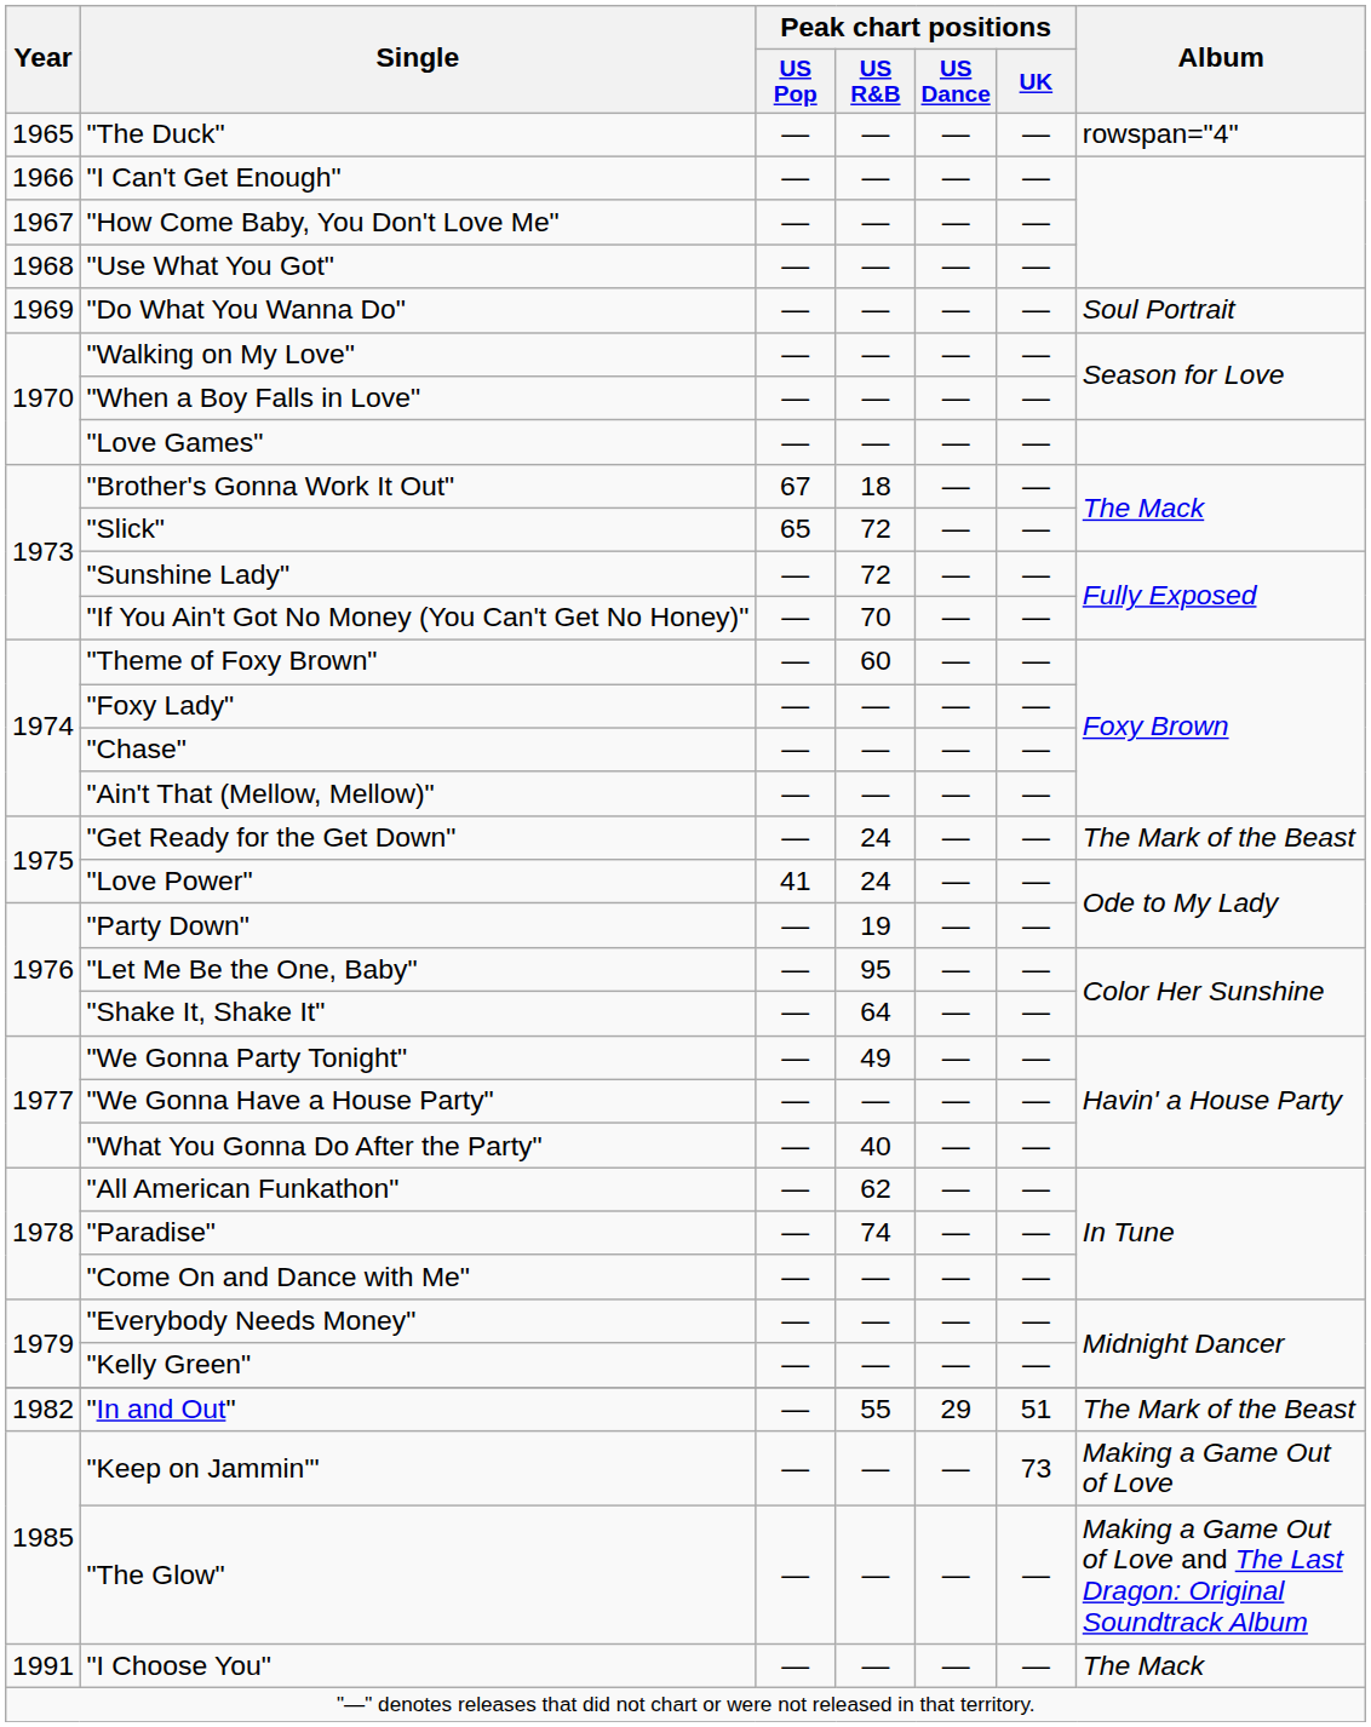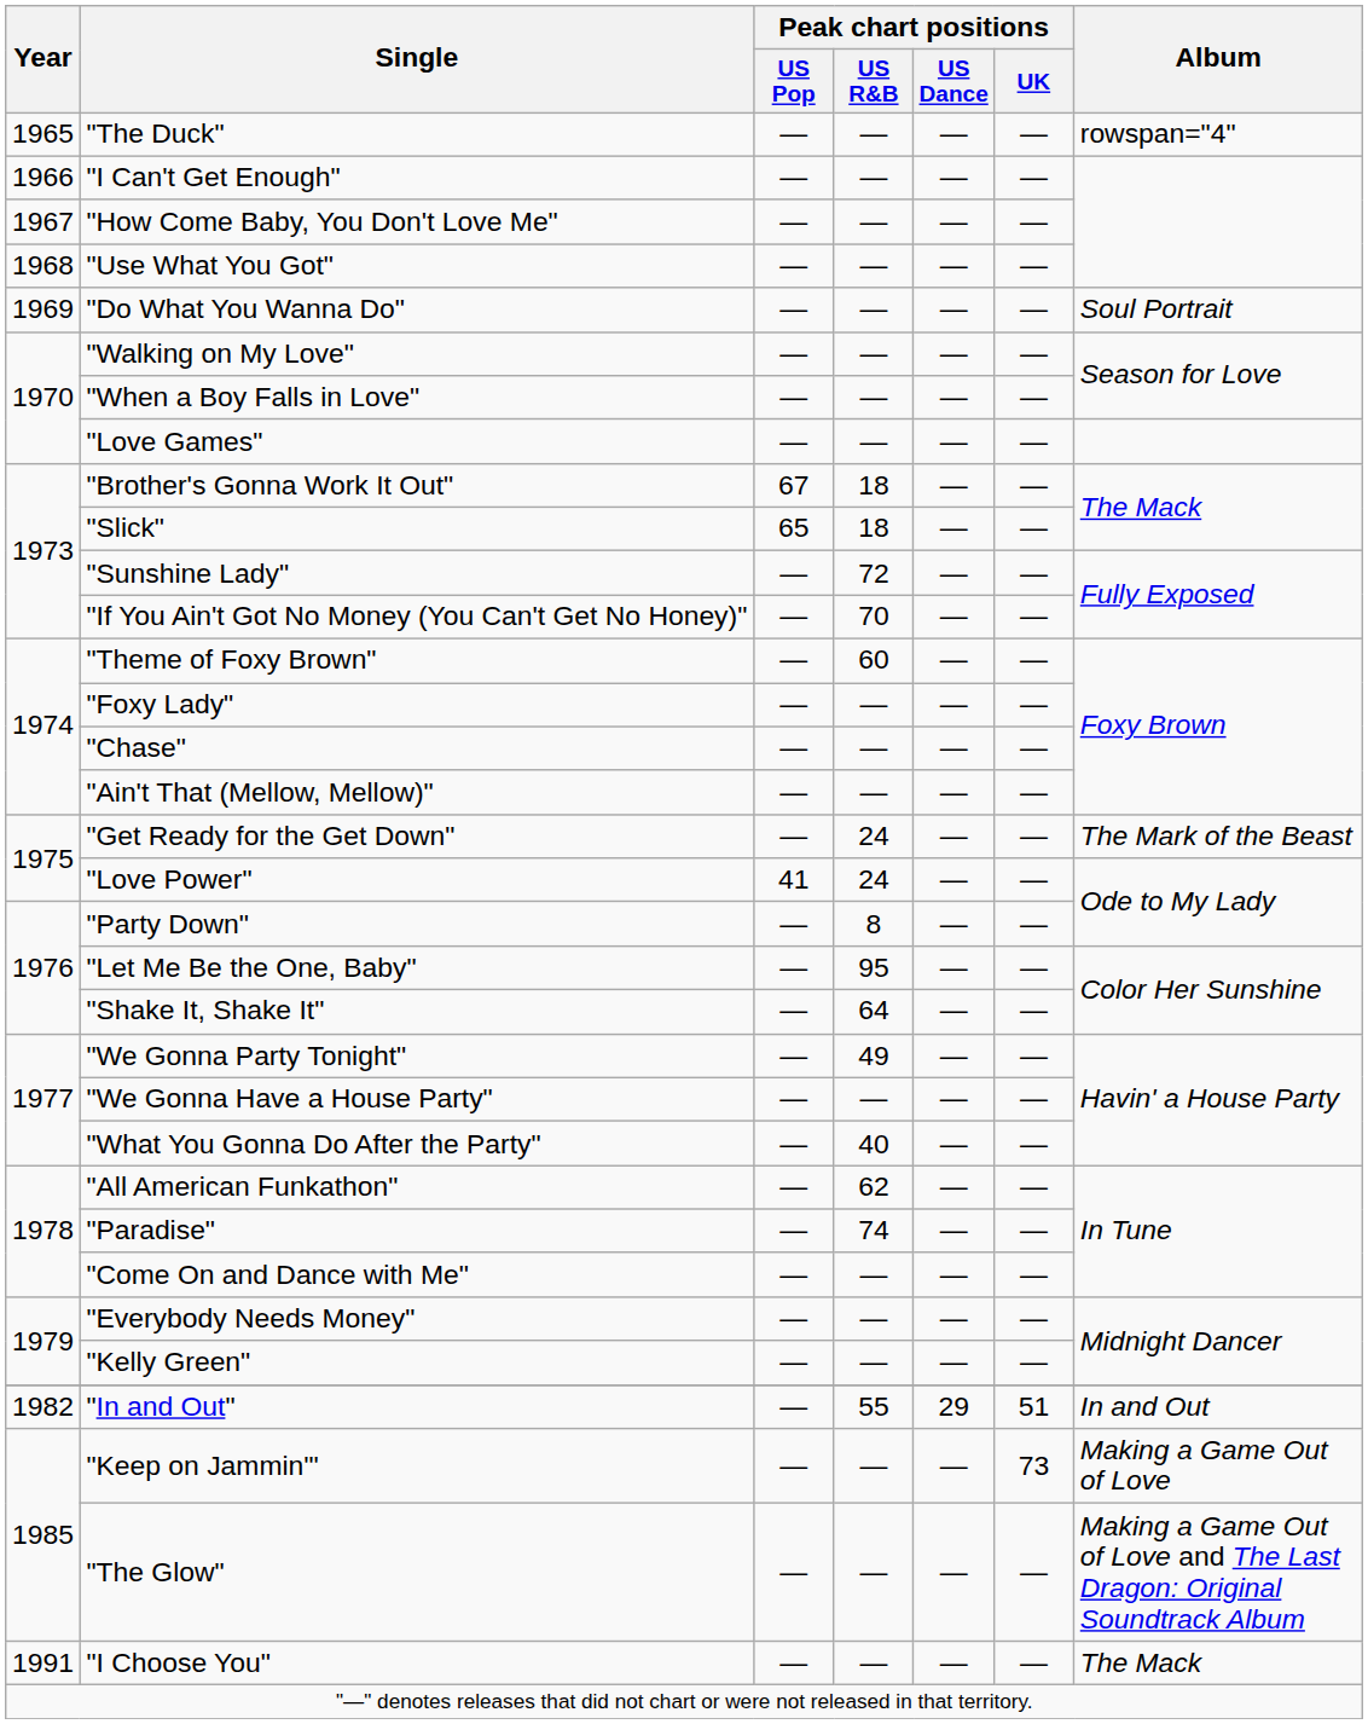 <table class="wikitable">
 <tr>
 <th scope="col" rowspan="2">Year</th>
 <th scope="col" rowspan="2">Single</th>
 <th scope="col" colspan="4">Peak chart positions</th>
 <th scope="col" rowspan="2" style="width:10em;">Album</th>
 </tr>
 <tr style="font-size:smaller;">
 <th style="width:40px;"><a href='#'>US Pop</a><br></th>
 <th style="width:40px;"><a href='#'>US R&B</a><br></th>
 <th style="width:40px;"><a href='#'>US Dance</a><br></th>
 <th style="width:40px;"><a href='#'>UK</a><br></th>
 </tr>
 <tr>
 <td>1965</td>
 <td>"The Duck"</td>
 <td align=center>―</td>
 <td align=center>—</td>
 <td align=center>―</td>
 <td align=center>―</td>
 <td>rowspan="4" </td>
 </tr>
 <tr>
 <td>1966</td>
 <td>"I Can't Get Enough"</td>
 <td align=center>―</td>
 <td align=center>—</td>
 <td align=center>―</td>
 <td align=center>―</td>
 </tr>
 <tr>
 <td>1967</td>
 <td>"How Come Baby, You Don't Love Me"</td>
 <td align=center>―</td>
 <td align=center>—</td>
 <td align=center>―</td>
 <td align=center>―</td>
 </tr>
 <tr>
 <td>1968</td>
 <td>"Use What You Got"</td>
 <td align=center>―</td>
 <td align=center>—</td>
 <td align=center>―</td>
 <td align=center>―</td>
 </tr>
 <tr>
 <td>1969</td>
 <td>"Do What You Wanna Do"</td>
 <td align=center>―</td>
 <td align=center>—</td>
 <td align=center>―</td>
 <td align=center>―</td>
 <td><em>Soul Portrait</em></td>
 </tr>
 <tr>
 <td rowspan="3">1970</td>
 <td>"Walking on My Love"</td>
 <td align=center>―</td>
 <td align=center>—</td>
 <td align=center>―</td>
 <td align=center>―</td>
 <td rowspan="2"><em>Season for Love</em></td>
 </tr>
 <tr>
 <td>"When a Boy Falls in Love"</td>
 <td align=center>―</td>
 <td align=center>—</td>
 <td align=center>―</td>
 <td align=center>―</td>
 </tr>
 <tr>
 <td>"Love Games"</td>
 <td align=center>―</td>
 <td align=center>—</td>
 <td align=center>―</td>
 <td align=center>―</td>
 <td></td>
 </tr>
 <tr>
 <td rowspan="4">1973</td>
 <td>"Brother's Gonna Work It Out"</td>
 <td align=center>67</td>
 <td align=center>18</td>
 <td align=center>―</td>
 <td align=center>―</td>
 <td rowspan="2"><em><a href='#'>The Mack</a></em></td>
 </tr>
 <tr>
 <td>"Slick"</td>
 <td align=center>65</td>
-<td align=center>72</td>
+<td align=center>18</td>
 <td align=center>―</td>
 <td align=center>―</td>
 </tr>
 <tr>
 <td>"Sunshine Lady"</td>
 <td align=center>―</td>
 <td align=center>72</td>
 <td align=center>―</td>
 <td align=center>―</td>
 <td rowspan="2"><em><a href='#'>Fully Exposed</a></em></td>
 </tr>
 <tr>
 <td>"If You Ain't Got No Money (You Can't Get No Honey)"</td>
 <td align=center>―</td>
 <td align=center>70</td>
 <td align=center>―</td>
 <td align=center>―</td>
 </tr>
 <tr>
 <td rowspan="4">1974</td>
 <td>"Theme of Foxy Brown"</td>
 <td align=center>―</td>
 <td align=center>60</td>
 <td align=center>―</td>
 <td align=center>―</td>
 <td rowspan = "4"><em><a href='#'>Foxy Brown</a></em></td>
 </tr>
 <tr>
 <td>"Foxy Lady"</td>
 <td align=center>―</td>
 <td align=center>—</td>
 <td align=center>―</td>
 <td align=center>―</td>
 </tr>
 <tr>
 <td>"Chase"</td>
 <td align=center>―</td>
 <td align=center>—</td>
 <td align=center>―</td>
 <td align=center>―</td>
 </tr>
 <tr>
 <td>"Ain't That (Mellow, Mellow)"</td>
 <td align=center>―</td>
 <td align=center>—</td>
 <td align=center>―</td>
 <td align=center>―</td>
 </tr>
 <tr>
 <td rowspan="2">1975</td>
 <td>"Get Ready for the Get Down"</td>
 <td align=center>―</td>
 <td align=center>24</td>
 <td align=center>―</td>
 <td align=center>―</td>
 <td><em>The Mark of the Beast</em></td>
 </tr>
 <tr>
 <td>"Love Power"</td>
 <td align=center>41</td>
 <td align=center>24</td>
 <td align=center>―</td>
 <td align=center>―</td>
 <td rowspan="2"><em>Ode to My Lady</em></td>
 </tr>
 <tr>
 <td rowspan="3">1976</td>
 <td>"Party Down"</td>
 <td align=center>―</td>
-<td align=center>19</td>
+<td align=center>8</td>
 <td align=center>―</td>
 <td align=center>―</td>
 </tr>
 <tr>
 <td>"Let Me Be the One, Baby"</td>
 <td align=center>―</td>
 <td align=center>95</td>
 <td align=center>―</td>
 <td align=center>―</td>
 <td rowspan="2"><em>Color Her Sunshine</em></td>
 </tr>
 <tr>
 <td>"Shake It, Shake It"</td>
 <td align=center>―</td>
 <td align=center>64</td>
 <td align=center>―</td>
 <td align=center>―</td>
 </tr>
 <tr>
 <td rowspan="3">1977</td>
 <td>"We Gonna Party Tonight"</td>
 <td align=center>―</td>
 <td align=center>49</td>
 <td align=center>―</td>
 <td align=center>―</td>
 <td rowspan="3"><em>Havin' a House Party</em></td>
 </tr>
 <tr>
 <td>"We Gonna Have a House Party"</td>
 <td align=center>―</td>
 <td align=center>—</td>
 <td align=center>―</td>
 <td align=center>―</td>
 </tr>
 <tr>
 <td>"What You Gonna Do After the Party"</td>
 <td align=center>―</td>
 <td align=center>40</td>
 <td align=center>―</td>
 <td align=center>―</td>
 </tr>
 <tr>
 <td rowspan="3">1978</td>
 <td>"All American Funkathon"</td>
 <td align=center>―</td>
 <td align=center>62</td>
 <td align=center>―</td>
 <td align=center>―</td>
 <td rowspan="3"><em>In Tune</em></td>
 </tr>
 <tr>
 <td>"Paradise"</td>
 <td align=center>―</td>
 <td align=center>74</td>
 <td align=center>―</td>
 <td align=center>―</td>
 </tr>
 <tr>
 <td>"Come On and Dance with Me"</td>
 <td align=center>―</td>
 <td align=center>—</td>
 <td align=center>―</td>
 <td align=center>―</td>
 </tr>
 <tr>
 <td rowspan="2">1979</td>
 <td>"Everybody Needs Money"</td>
 <td align=center>―</td>
 <td align=center>—</td>
 <td align=center>―</td>
 <td align=center>―</td>
 <td rowspan="2"><em>Midnight Dancer</em></td>
 </tr>
 <tr>
 <td>"Kelly Green"</td>
 <td align=center>―</td>
 <td align=center>—</td>
 <td align=center>―</td>
 <td align=center>―</td>
 </tr>
 <tr>
 </tr>
 <tr>
 <td rowspan="1">1982</td>
 <td>"<a href='#'>In and Out</a>"</td>
 <td align=center>―</td>
 <td align=center>55</td>
 <td align=center>29</td>
 <td align=center>51</td>
-<td><em>The Mark of the Beast</em></td>
+<td><em>In and Out</em></td>
 </tr>
 <tr>
 <td rowspan="2">1985</td>
 <td>"Keep on Jammin'"</td>
 <td align=center>―</td>
 <td align=center>―</td>
 <td align=center>―</td>
 <td align=center>73</td>
 <td><em>Making a Game Out of Love</em></td>
 </tr>
 <tr>
 <td>"The Glow"</td>
 <td align=center>―</td>
 <td align=center>―</td>
 <td align=center>―</td>
 <td align=center>―</td>
 <td><em>Making a Game Out of Love</em> and <em><a href='#'>The Last Dragon: Original Soundtrack Album</a></em></td>
 </tr>
 <tr>
 <td>1991</td>
 <td>"I Choose You"</td>
 <td align=center>―</td>
 <td align=center>—</td>
 <td align=center>―</td>
 <td align=center>―</td>
 <td><em>The Mack</em></td>
 </tr>
 <tr>
 <td colspan="7" style="text-align:center; font-size:9pt;">"—" denotes releases that did not chart or were not released in that territory.</td>
 </tr>
 </table>
